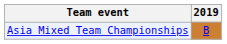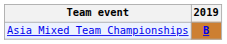 <table style='font-size: 90%; text-align:center;' class='wikitable'>
 <tr>
 <th>Team event</th>
 <th>2019</th>
 </tr>
 <tr>
 <td bgcolor="#ECF2FF"; align="left"><a href='#'>Asia Mixed Team Championships</a></td>
-<td bgcolor=CD7F32><a href='#'>B</a></td>
+<td bgcolor=CD7F32><strong><a href='#'>B</a></strong></td>
 </tr>
 </table>
